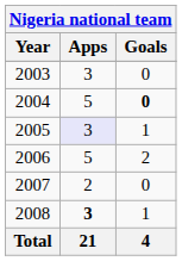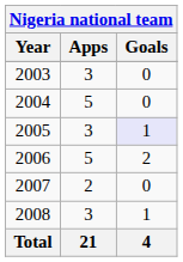 <table class="wikitable" style="text-align:center">
 <tr>
 <th colspan=3><a href='#'>Nigeria national team</a></th>
 </tr>
 <tr>
 <th>Year</th>
 <th>Apps</th>
 <th>Goals</th>
 </tr>
 <tr>
 </tr>
 <tr>
 <td>2003</td>
 <td>3</td>
 <td>0</td>
 </tr>
 <tr>
 <td>2004</td>
 <td>5</td>
-<td><strong>0</strong></td>
+<td>0</td>
 </tr>
 <tr>
 <td>2005</td>
-<td style="background: lavender;">3</td>
-<td>1</td>
+<td>3</td>
+<td style="background: lavender;">1</td>
 </tr>
 <tr>
 <td>2006</td>
 <td>5</td>
 <td>2</td>
 </tr>
 <tr>
 <td>2007</td>
 <td>2</td>
 <td>0</td>
 </tr>
 <tr>
 <td>2008</td>
-<td><strong>3</strong></td>
+<td>3</td>
 <td>1</td>
 </tr>
 <tr>
 <th>Total</th>
 <th>21</th>
 <th>4</th>
 </tr>
 </table>
